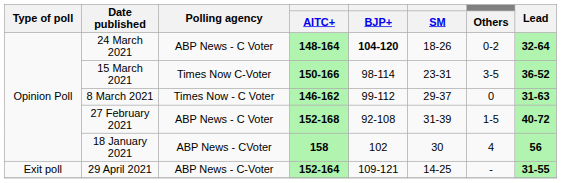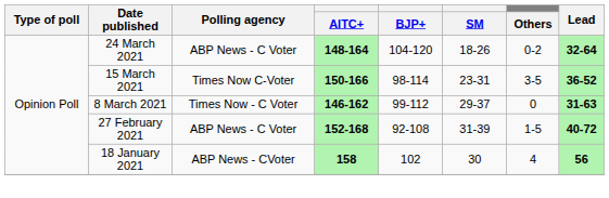 <table class="wikitable sortable" style="text-align:center; font-size:95%; line-height:16px">
 <tr>
 <th rowspan="2" width="100px">Type of poll</th>
 <th rowspan="2" width="100px">Date published</th>
 <th rowspan="2" width="175px">Polling agency</th>
 <th style="background:"></th>
 <th style="background:"></th>
 <th style="text-align:center; background:"></th>
 <th style="background:gray;"></th>
 <th rowspan="2" width="50px">Lead</th>
 </tr>
 <tr>
 <th style="width:75px;"><a href='#'>AITC+</a></th>
 <th style="width:75px;"><a href='#'>BJP+</a></th>
 <th style="width:75px;"><a href='#'>SM</a></th>
 <th style="width:60px;">Others</th>
 </tr>
 <tr>
 <td rowspan="5">Opinion Poll</td>
 <td>24 March 2021</td>
 <td>ABP News - C Voter</td>
 <td style="background:#B0F4B0"><strong>148-164</strong></td>
-<td><strong>104-120</strong></td>
+<td>104-120</td>
 <td>18-26</td>
 <td>0-2</td>
 <td style="background:#B0F4B0"><strong>32-64</strong></td>
 </tr>
 <tr>
 <td>15 March 2021</td>
 <td>Times Now C-Voter </td>
 <td style="background:#B0F4B0"><strong>150-166</strong></td>
 <td>98-114</td>
 <td>23-31</td>
 <td>3-5</td>
 <td style="background:#B0F4B0"><strong>36-52</strong></td>
 </tr>
 <tr>
 <td>8 March 2021</td>
 <td>Times Now - C Voter</td>
 <td style="background:#B0F4B0"><strong>146-162</strong></td>
 <td>99-112</td>
 <td>29-37</td>
 <td>0</td>
 <td style="background:#B0F4B0"><strong>31-63</strong></td>
 </tr>
 <tr>
 <td>27 February 2021</td>
 <td>ABP News - C Voter</td>
 <td style="background:#B0F4B0"><strong>152-168</strong></td>
 <td>92-108</td>
 <td>31-39</td>
 <td>1-5</td>
 <td style="background:#B0F4B0"><strong>40-72</strong></td>
 </tr>
 <tr>
 <td>18 January 2021</td>
 <td>ABP News - CVoter</td>
 <td style="background:#B0F4B0"><strong>158</strong></td>
 <td>102</td>
 <td>30</td>
 <td>4</td>
 <td style="background:#B0F4B0"><strong>56</strong></td>
 </tr>
 <tr>
-<td>Exit poll</td>
-<td>29 April 2021</td>
-<td>ABP News - C-Voter</td>
-<td style="background:#B0F4B0"><strong>152-164</strong></td>
-<td>109-121</td>
-<td>14-25</td>
-<td>-</td>
-<td style="background:#B0F4B0"><strong>31-55</strong></td>
-</tr>
-<tr>
 </tr>
 </table>
